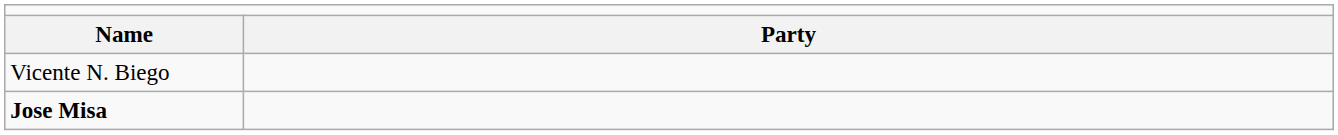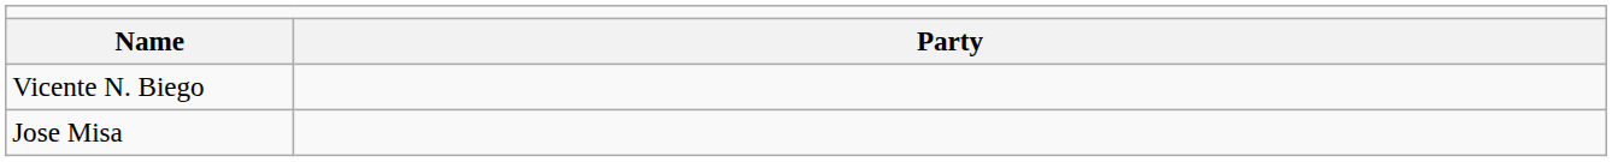 <table class=wikitable style="font-size:95%" width=99%>
 <tr>
 <td colspan=4 bgcolor=></td>
 </tr>
 <tr>
 <th width=150px>Name</th>
 <th colspan=2 width=110px>Party</th>
 </tr>
 <tr>
 <td>Vicente N. Biego</td>
 <td></td>
 </tr>
 <tr>
-<td><strong>Jose Misa</strong></td>
+<td>Jose Misa</td>
 <td></td>
 </tr>
 </table>
